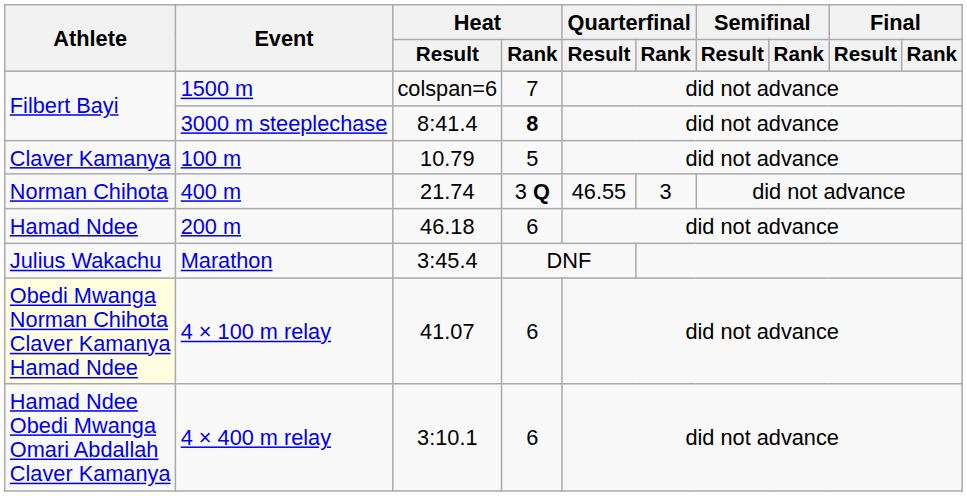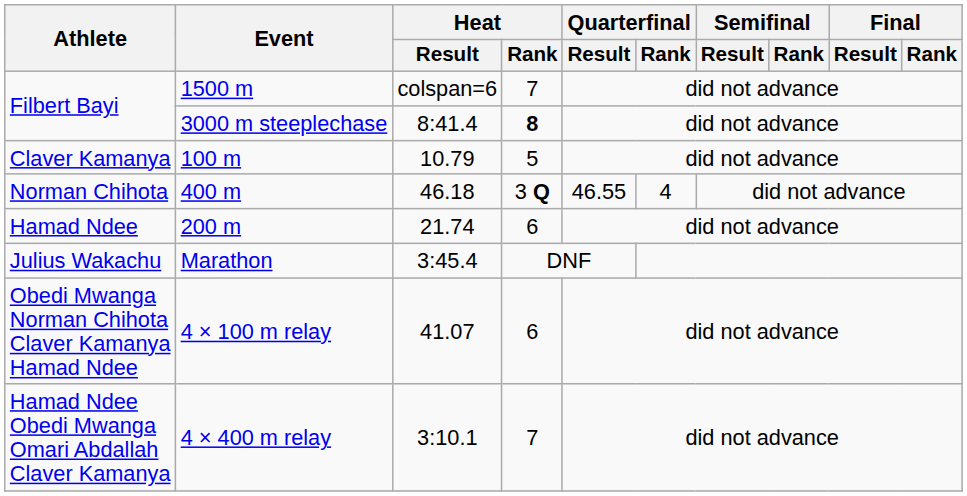 <table class="wikitable" style="font-size:90%">
 <tr>
 <th rowspan="2">Athlete</th>
 <th rowspan="2">Event</th>
 <th colspan="2">Heat</th>
 <th colspan="2">Quarterfinal</th>
 <th colspan="2">Semifinal</th>
 <th colspan="2">Final</th>
 </tr>
 <tr style="font-size:95%">
 <th>Result</th>
 <th>Rank</th>
 <th>Result</th>
 <th>Rank</th>
 <th>Result</th>
 <th>Rank</th>
 <th>Result</th>
 <th>Rank</th>
 </tr>
 <tr align=center>
 <td align=left rowspan=2><a href='#'>Filbert Bayi</a></td>
 <td align=left><a href='#'>1500 m</a></td>
 <td>colspan=6 </td>
 <td>7</td>
 <td colspan=6>did not advance</td>
 </tr>
 <tr align=center>
 <td align=left><a href='#'>3000 m steeplechase</a></td>
 <td>8:41.4</td>
 <td><strong>8</strong></td>
 <td colspan=6>did not advance</td>
 </tr>
 <tr align=center>
 <td align=left><a href='#'>Claver Kamanya</a></td>
 <td align=left><a href='#'>100 m</a></td>
 <td>10.79</td>
 <td>5</td>
 <td colspan=6>did not advance</td>
 </tr>
 <tr align=center>
 <td align=left><a href='#'>Norman Chihota</a></td>
 <td align=left><a href='#'>400 m</a></td>
-<td>21.74</td>
+<td>46.18</td>
 <td>3 <strong>Q</strong></td>
 <td>46.55</td>
-<td>3</td>
+<td>4</td>
 <td colspan=4>did not advance</td>
 </tr>
 <tr align=center>
 <td align=left><a href='#'>Hamad Ndee</a></td>
 <td align=left><a href='#'>200 m</a></td>
-<td>46.18</td>
+<td>21.74</td>
 <td>6</td>
 <td colspan=6>did not advance</td>
 </tr>
 <tr align=center>
 <td align=left><a href='#'>Julius Wakachu</a></td>
 <td align=left><a href='#'>Marathon</a></td>
 <td>3:45.4</td>
 <td colspan=2>DNF</td>
 </tr>
 <tr align=center>
-<td align=left style="background: lightyellow;"><a href='#'>Obedi Mwanga</a><br><a href='#'>Norman Chihota</a><br><a href='#'>Claver Kamanya</a><br><a href='#'>Hamad Ndee</a></td>
+<td align=left><a href='#'>Obedi Mwanga</a><br><a href='#'>Norman Chihota</a><br><a href='#'>Claver Kamanya</a><br><a href='#'>Hamad Ndee</a></td>
 <td align=left><a href='#'>4 × 100 m relay</a></td>
 <td>41.07</td>
 <td>6</td>
 <td colspan=6>did not advance</td>
 </tr>
 <tr align=center>
 <td align=left><a href='#'>Hamad Ndee</a><br><a href='#'>Obedi Mwanga</a><br><a href='#'>Omari Abdallah</a><br><a href='#'>Claver Kamanya</a></td>
 <td align=left><a href='#'>4 × 400 m relay</a></td>
 <td>3:10.1</td>
-<td>6</td>
+<td>7</td>
 <td colspan=6>did not advance</td>
 </tr>
 </table>
